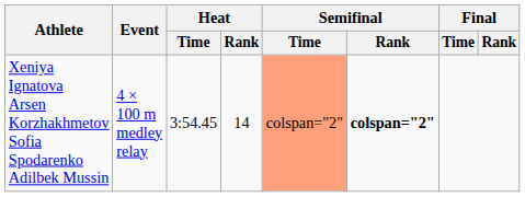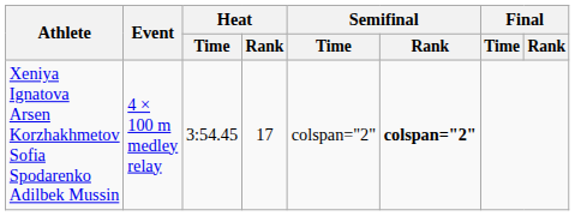 <table class="wikitable" style="text-align:center; font-size:90%; width:50%;">
 <tr>
 <th rowspan="2">Athlete</th>
 <th rowspan="2">Event</th>
 <th colspan="2">Heat</th>
 <th colspan="2">Semifinal</th>
 <th colspan="2">Final</th>
 </tr>
 <tr style="font-size:95%">
 <th>Time</th>
 <th>Rank</th>
 <th>Time</th>
 <th>Rank</th>
 <th>Time</th>
 <th>Rank</th>
 </tr>
 <tr>
 <td align=left><a href='#'>Xeniya Ignatova</a> <br><a href='#'>Arsen Korzhakhmetov</a> <br><a href='#'>Sofia Spodarenko</a><br><a href='#'>Adilbek Mussin</a></td>
 <td align=left><a href='#'>4 × 100 m medley relay</a></td>
 <td>3:54.45</td>
-<td>14</td>
-<td style="background: lightsalmon;">colspan="2" </td>
+<td>17</td>
+<td>colspan="2" </td>
 <td><strong>colspan="2"  </strong></td>
 </tr>
 </table>
